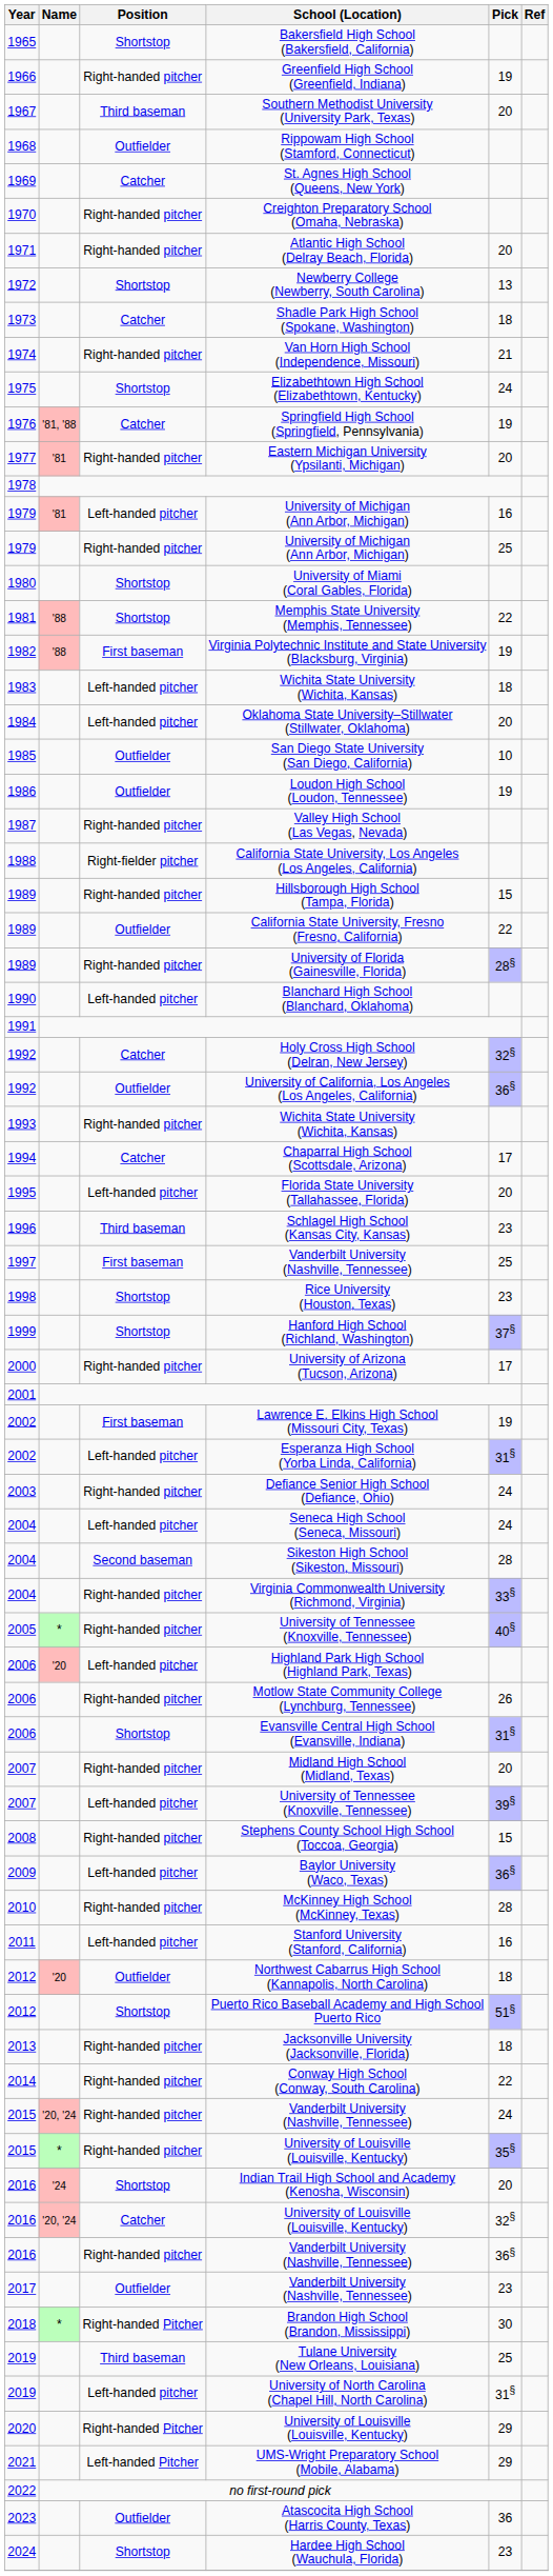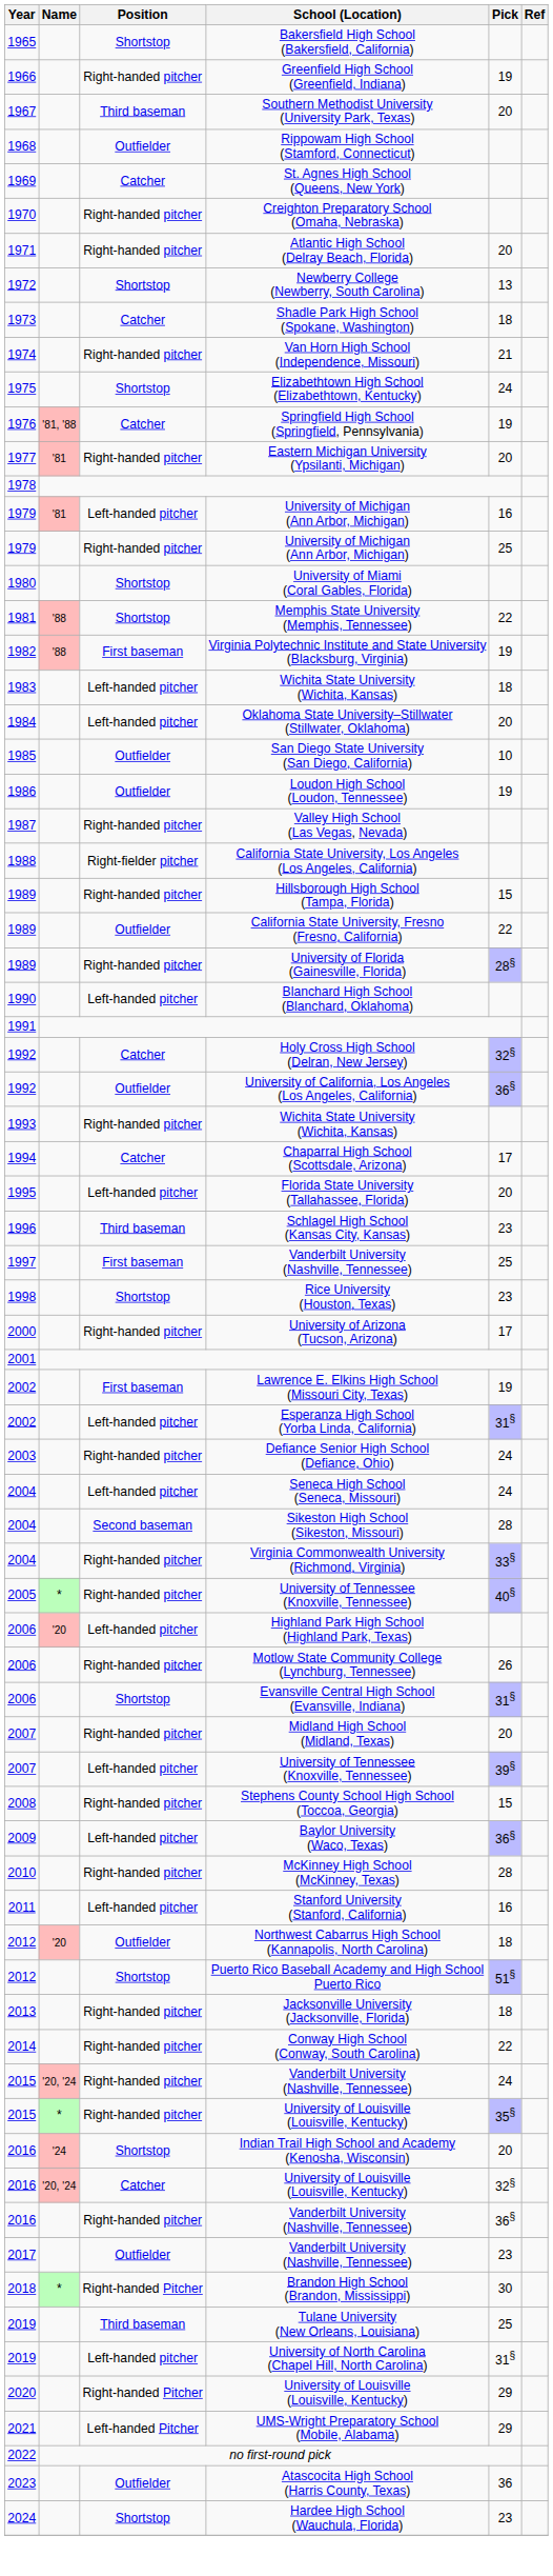 <table class="wikitable sortable" style="text-align:center;" border="1">
 <tr>
 <th>Year</th>
 <th>Name</th>
 <th>Position</th>
 <th class="unsortable">School (Location)</th>
 <th>Pick</th>
 <th class="unsortable">Ref</th>
 </tr>
 <tr>
 <td><a href='#'>1965</a></td>
 <td></td>
 <td><a href='#'>Shortstop</a></td>
 <td><a href='#'>Bakersfield High School</a><br>(<a href='#'>Bakersfield, California</a>)</td>
 <td></td>
 <td></td>
 </tr>
 <tr>
 <td><a href='#'>1966</a></td>
 <td></td>
 <td>Right-handed <a href='#'>pitcher</a></td>
 <td><a href='#'>Greenfield High School</a><br>(<a href='#'>Greenfield, Indiana</a>)</td>
 <td>19</td>
 <td></td>
 </tr>
 <tr>
 <td><a href='#'>1967</a></td>
 <td></td>
 <td><a href='#'>Third baseman</a></td>
 <td><a href='#'>Southern Methodist University</a><br>(<a href='#'>University Park, Texas</a>)</td>
 <td>20</td>
 <td></td>
 </tr>
 <tr>
 <td><a href='#'>1968</a></td>
 <td></td>
 <td><a href='#'>Outfielder</a></td>
 <td><a href='#'>Rippowam High School</a><br>(<a href='#'>Stamford, Connecticut</a>)</td>
 <td></td>
 <td></td>
 </tr>
 <tr>
 <td><a href='#'>1969</a></td>
 <td></td>
 <td><a href='#'>Catcher</a></td>
 <td><a href='#'>St. Agnes High School</a><br>(<a href='#'>Queens, New York</a>)</td>
 <td></td>
 <td></td>
 </tr>
 <tr>
 <td><a href='#'>1970</a></td>
 <td></td>
 <td>Right-handed <a href='#'>pitcher</a></td>
 <td><a href='#'>Creighton Preparatory School</a><br>(<a href='#'>Omaha, Nebraska</a>)</td>
 <td></td>
 <td></td>
 </tr>
 <tr>
 <td><a href='#'>1971</a></td>
 <td></td>
 <td>Right-handed <a href='#'>pitcher</a></td>
 <td><a href='#'>Atlantic High School</a> <br>(<a href='#'>Delray Beach, Florida</a>)</td>
 <td>20</td>
 <td></td>
 </tr>
 <tr>
 <td><a href='#'>1972</a></td>
 <td></td>
 <td><a href='#'>Shortstop</a></td>
 <td><a href='#'>Newberry College</a><br>(<a href='#'>Newberry, South Carolina</a>)</td>
 <td>13</td>
 <td></td>
 </tr>
 <tr>
 <td><a href='#'>1973</a></td>
 <td></td>
 <td><a href='#'>Catcher</a></td>
 <td><a href='#'>Shadle Park High School</a><br>(<a href='#'>Spokane, Washington</a>)</td>
 <td>18</td>
 <td></td>
 </tr>
 <tr>
 <td><a href='#'>1974</a></td>
 <td></td>
 <td>Right-handed <a href='#'>pitcher</a></td>
 <td><a href='#'>Van Horn High School</a><br>(<a href='#'>Independence, Missouri</a>)</td>
 <td>21</td>
 <td></td>
 </tr>
 <tr>
 <td><a href='#'>1975</a></td>
 <td></td>
 <td><a href='#'>Shortstop</a></td>
 <td><a href='#'>Elizabethtown High School</a><br>(<a href='#'>Elizabethtown, Kentucky</a>)</td>
 <td>24</td>
 <td></td>
 </tr>
 <tr>
 <td><a href='#'>1976</a></td>
 <td bgcolor="#ffbbbb"> <small>'81, '88</small></td>
 <td><a href='#'>Catcher</a></td>
 <td><a href='#'>Springfield High School</a><br>(<a href='#'>Springfield</a>, Pennsylvania)</td>
 <td>19</td>
 <td></td>
 </tr>
 <tr>
 <td><a href='#'>1977</a></td>
 <td bgcolor="#ffbbbb"> <small>'81</small></td>
 <td>Right-handed <a href='#'>pitcher</a></td>
 <td><a href='#'>Eastern Michigan University</a><br>(<a href='#'>Ypsilanti, Michigan</a>)</td>
 <td>20</td>
 <td></td>
 </tr>
 <tr>
 <td><a href='#'>1978</a></td>
 <td colspan="4"></td>
 <td></td>
 </tr>
 <tr>
 <td><a href='#'>1979</a></td>
 <td bgcolor="#ffbbbb"> <small>'81</small></td>
 <td>Left-handed <a href='#'>pitcher</a></td>
 <td><a href='#'>University of Michigan</a><br>(<a href='#'>Ann Arbor, Michigan</a>)</td>
 <td>16</td>
 <td></td>
 </tr>
 <tr>
 <td><a href='#'>1979</a></td>
 <td></td>
 <td>Right-handed <a href='#'>pitcher</a></td>
 <td><a href='#'>University of Michigan</a><br>(<a href='#'>Ann Arbor, Michigan</a>)</td>
 <td>25</td>
 <td></td>
 </tr>
 <tr>
 <td><a href='#'>1980</a></td>
 <td></td>
 <td><a href='#'>Shortstop</a></td>
 <td><a href='#'>University of Miami</a><br>(<a href='#'>Coral Gables, Florida</a>)</td>
 <td></td>
 <td></td>
 </tr>
 <tr>
 <td><a href='#'>1981</a></td>
 <td bgcolor="#ffbbbb"> <small>'88</small></td>
 <td><a href='#'>Shortstop</a></td>
 <td><a href='#'>Memphis State University</a><br>(<a href='#'>Memphis, Tennessee</a>)</td>
 <td>22</td>
 <td></td>
 </tr>
 <tr>
 <td><a href='#'>1982</a></td>
 <td bgcolor="#ffbbbb"> <small>'88</small></td>
 <td><a href='#'>First baseman</a></td>
 <td><a href='#'>Virginia Polytechnic Institute and State University</a><br>(<a href='#'>Blacksburg, Virginia</a>)</td>
 <td>19</td>
 <td></td>
 </tr>
 <tr>
 <td><a href='#'>1983</a></td>
 <td></td>
 <td>Left-handed <a href='#'>pitcher</a></td>
 <td><a href='#'>Wichita State University</a><br>(<a href='#'>Wichita, Kansas</a>)</td>
 <td>18</td>
 <td></td>
 </tr>
 <tr>
 <td><a href='#'>1984</a></td>
 <td></td>
 <td>Left-handed <a href='#'>pitcher</a></td>
 <td><a href='#'>Oklahoma State University–Stillwater</a><br>(<a href='#'>Stillwater, Oklahoma</a>)</td>
 <td>20</td>
 <td></td>
 </tr>
 <tr>
 <td><a href='#'>1985</a></td>
 <td></td>
 <td><a href='#'>Outfielder</a></td>
 <td><a href='#'>San Diego State University</a><br>(<a href='#'>San Diego, California</a>)</td>
 <td>10</td>
 <td></td>
 </tr>
 <tr>
 <td><a href='#'>1986</a></td>
 <td></td>
 <td><a href='#'>Outfielder</a></td>
 <td><a href='#'>Loudon High School</a><br>(<a href='#'>Loudon, Tennessee</a>)</td>
 <td>19</td>
 <td></td>
 </tr>
 <tr>
 <td><a href='#'>1987</a></td>
 <td></td>
 <td>Right-handed <a href='#'>pitcher</a></td>
 <td><a href='#'>Valley High School</a><br>(<a href='#'>Las Vegas</a>, <a href='#'>Nevada</a>)</td>
 <td></td>
 <td></td>
 </tr>
 <tr>
 <td><a href='#'>1988</a></td>
 <td></td>
 <td>Right-fielder <a href='#'>pitcher</a></td>
 <td><a href='#'>California State University, Los Angeles</a><br>(<a href='#'>Los Angeles, California</a>)</td>
 <td></td>
 <td></td>
 </tr>
 <tr>
 <td><a href='#'>1989</a></td>
 <td></td>
 <td>Right-handed <a href='#'>pitcher</a></td>
 <td><a href='#'>Hillsborough High School</a><br>(<a href='#'>Tampa, Florida</a>)</td>
 <td>15</td>
 <td></td>
 </tr>
 <tr>
 <td><a href='#'>1989</a></td>
 <td></td>
 <td><a href='#'>Outfielder</a></td>
 <td><a href='#'>California State University, Fresno</a><br>(<a href='#'>Fresno, California</a>)</td>
 <td>22</td>
 <td></td>
 </tr>
 <tr>
 <td><a href='#'>1989</a></td>
 <td></td>
 <td>Right-handed <a href='#'>pitcher</a></td>
 <td><a href='#'>University of Florida</a><br>(<a href='#'>Gainesville, Florida</a>)</td>
 <td bgcolor="#bbbbff">28<sup>§</sup></td>
 <td></td>
 </tr>
 <tr>
 <td><a href='#'>1990</a></td>
 <td></td>
 <td>Left-handed <a href='#'>pitcher</a></td>
 <td><a href='#'>Blanchard High School</a><br>(<a href='#'>Blanchard, Oklahoma</a>)</td>
 <td></td>
 <td></td>
 </tr>
 <tr>
 <td><a href='#'>1991</a></td>
 <td colspan="4"></td>
 <td></td>
 </tr>
 <tr>
 <td><a href='#'>1992</a></td>
 <td></td>
 <td><a href='#'>Catcher</a></td>
 <td><a href='#'>Holy Cross High School</a><br>(<a href='#'>Delran, New Jersey</a>)</td>
 <td bgcolor="#bbbbff">32<sup>§</sup></td>
 <td></td>
 </tr>
 <tr>
 <td><a href='#'>1992</a></td>
 <td></td>
 <td><a href='#'>Outfielder</a></td>
 <td><a href='#'>University of California, Los Angeles</a><br>(<a href='#'>Los Angeles, California</a>)</td>
 <td bgcolor="#bbbbff">36<sup>§</sup></td>
 <td></td>
 </tr>
 <tr>
 <td><a href='#'>1993</a></td>
 <td></td>
 <td>Right-handed <a href='#'>pitcher</a></td>
 <td><a href='#'>Wichita State University</a><br>(<a href='#'>Wichita, Kansas</a>)</td>
 <td></td>
 <td></td>
 </tr>
 <tr>
 <td><a href='#'>1994</a></td>
 <td></td>
 <td><a href='#'>Catcher</a></td>
 <td><a href='#'>Chaparral High School</a><br>(<a href='#'>Scottsdale, Arizona</a>)</td>
 <td>17</td>
 <td></td>
 </tr>
 <tr>
 <td><a href='#'>1995</a></td>
 <td></td>
 <td>Left-handed <a href='#'>pitcher</a></td>
 <td><a href='#'>Florida State University</a><br>(<a href='#'>Tallahassee, Florida</a>)</td>
 <td>20</td>
 <td></td>
 </tr>
 <tr>
 <td><a href='#'>1996</a></td>
 <td></td>
 <td><a href='#'>Third baseman</a></td>
 <td><a href='#'>Schlagel High School</a><br>(<a href='#'>Kansas City, Kansas</a>)</td>
 <td>23</td>
 <td></td>
 </tr>
 <tr>
 <td><a href='#'>1997</a></td>
 <td></td>
 <td><a href='#'>First baseman</a></td>
 <td><a href='#'>Vanderbilt University</a><br>(<a href='#'>Nashville, Tennessee</a>)</td>
 <td>25</td>
 <td></td>
 </tr>
 <tr>
 <td><a href='#'>1998</a></td>
 <td></td>
 <td><a href='#'>Shortstop</a></td>
 <td><a href='#'>Rice University</a><br>(<a href='#'>Houston, Texas</a>)</td>
 <td>23</td>
 <td></td>
 </tr>
 <tr>
-<td><a href='#'>1999</a></td>
-<td></td>
-<td><a href='#'>Shortstop</a></td>
-<td><a href='#'>Hanford High School</a><br>(<a href='#'>Richland, Washington</a>)</td>
-<td bgcolor="#bbbbff">37<sup>§</sup></td>
-<td></td>
-</tr>
-<tr>
 <td><a href='#'>2000</a></td>
 <td></td>
 <td>Right-handed <a href='#'>pitcher</a></td>
 <td><a href='#'>University of Arizona</a><br>(<a href='#'>Tucson, Arizona</a>)</td>
 <td>17</td>
 <td></td>
 </tr>
 <tr>
 <td><a href='#'>2001</a></td>
 <td colspan="4"></td>
 <td></td>
 </tr>
 <tr>
 <td><a href='#'>2002</a></td>
 <td></td>
 <td><a href='#'>First baseman</a></td>
 <td><a href='#'>Lawrence E. Elkins High School</a><br>(<a href='#'>Missouri City, Texas</a>)</td>
 <td>19</td>
 <td></td>
 </tr>
 <tr>
 <td><a href='#'>2002</a></td>
 <td></td>
 <td>Left-handed <a href='#'>pitcher</a></td>
 <td><a href='#'>Esperanza High School</a><br>(<a href='#'>Yorba Linda, California</a>)</td>
 <td bgcolor="#bbbbff">31<sup>§</sup></td>
 <td></td>
 </tr>
 <tr>
 <td><a href='#'>2003</a></td>
 <td></td>
 <td>Right-handed <a href='#'>pitcher</a></td>
 <td><a href='#'>Defiance Senior High School</a><br>(<a href='#'>Defiance, Ohio</a>)</td>
 <td>24</td>
 <td></td>
 </tr>
 <tr>
 <td><a href='#'>2004</a></td>
 <td></td>
 <td>Left-handed <a href='#'>pitcher</a></td>
 <td><a href='#'>Seneca High School</a><br>(<a href='#'>Seneca, Missouri</a>)</td>
 <td>24</td>
 <td></td>
 </tr>
 <tr>
 <td><a href='#'>2004</a></td>
 <td></td>
 <td><a href='#'>Second baseman</a></td>
 <td><a href='#'>Sikeston High School</a><br>(<a href='#'>Sikeston, Missouri</a>)</td>
 <td>28</td>
 <td></td>
 </tr>
 <tr>
 <td><a href='#'>2004</a></td>
 <td></td>
 <td>Right-handed <a href='#'>pitcher</a></td>
 <td><a href='#'>Virginia Commonwealth University</a><br>(<a href='#'>Richmond, Virginia</a>)</td>
 <td bgcolor="#bbbbff">33<sup>§</sup></td>
 <td></td>
 </tr>
 <tr>
 <td><a href='#'>2005</a></td>
 <td bgcolor="#bbffbb">*</td>
 <td>Right-handed <a href='#'>pitcher</a></td>
 <td><a href='#'>University of Tennessee</a><br>(<a href='#'>Knoxville, Tennessee</a>)</td>
 <td bgcolor="#bbbbff">40<sup>§</sup></td>
 <td></td>
 </tr>
 <tr>
 <td><a href='#'>2006</a></td>
 <td bgcolor="#ffbbbb"> <small>'20</small></td>
 <td>Left-handed <a href='#'>pitcher</a></td>
 <td><a href='#'>Highland Park High School</a><br>(<a href='#'>Highland Park, Texas</a>)</td>
 <td></td>
 <td></td>
 </tr>
 <tr>
 <td><a href='#'>2006</a></td>
 <td></td>
 <td>Right-handed <a href='#'>pitcher</a></td>
 <td><a href='#'>Motlow State Community College</a><br>(<a href='#'>Lynchburg, Tennessee</a>)</td>
 <td>26</td>
 <td></td>
 </tr>
 <tr>
 <td><a href='#'>2006</a></td>
 <td></td>
 <td><a href='#'>Shortstop</a></td>
 <td><a href='#'>Evansville Central High School</a><br>(<a href='#'>Evansville, Indiana</a>)</td>
 <td bgcolor="#bbbbff">31<sup>§</sup></td>
 <td></td>
 </tr>
 <tr>
 <td><a href='#'>2007</a></td>
 <td></td>
 <td>Right-handed <a href='#'>pitcher</a></td>
 <td><a href='#'>Midland High School</a><br>(<a href='#'>Midland, Texas</a>)</td>
 <td>20</td>
 <td></td>
 </tr>
 <tr>
 <td><a href='#'>2007</a></td>
 <td></td>
 <td>Left-handed <a href='#'>pitcher</a></td>
 <td><a href='#'>University of Tennessee</a><br>(<a href='#'>Knoxville, Tennessee</a>)</td>
 <td bgcolor="#bbbbff">39<sup>§</sup></td>
 <td></td>
 </tr>
 <tr>
 <td><a href='#'>2008</a></td>
 <td></td>
 <td>Right-handed <a href='#'>pitcher</a></td>
 <td><a href='#'>Stephens County School High School</a><br>(<a href='#'>Toccoa, Georgia</a>)</td>
 <td>15</td>
 <td></td>
 </tr>
 <tr>
 <td><a href='#'>2009</a></td>
 <td></td>
 <td>Left-handed <a href='#'>pitcher</a></td>
 <td><a href='#'>Baylor University</a><br>(<a href='#'>Waco, Texas</a>)</td>
 <td bgcolor="#bbbbff">36<sup>§</sup></td>
 <td></td>
 </tr>
 <tr>
 <td><a href='#'>2010</a></td>
 <td></td>
 <td>Right-handed <a href='#'>pitcher</a></td>
 <td><a href='#'>McKinney High School</a><br>(<a href='#'>McKinney, Texas</a>)</td>
 <td>28</td>
 <td></td>
 </tr>
 <tr>
 <td><a href='#'>2011</a></td>
 <td></td>
 <td>Left-handed <a href='#'>pitcher</a></td>
 <td><a href='#'>Stanford University</a><br>(<a href='#'>Stanford, California</a>)</td>
 <td>16</td>
 <td></td>
 </tr>
 <tr>
 <td><a href='#'>2012</a></td>
 <td bgcolor="#ffbbbb"> <small>'20</small></td>
 <td><a href='#'>Outfielder</a></td>
 <td><a href='#'>Northwest Cabarrus High School</a><br>(<a href='#'>Kannapolis, North Carolina</a>)</td>
 <td>18</td>
 <td></td>
 </tr>
 <tr>
 <td><a href='#'>2012</a></td>
 <td></td>
 <td><a href='#'>Shortstop</a></td>
 <td><a href='#'>Puerto Rico Baseball Academy and High School</a><br><a href='#'>Puerto Rico</a></td>
 <td bgcolor="#bbbbff">51<sup>§</sup></td>
 <td></td>
 </tr>
 <tr>
 <td><a href='#'>2013</a></td>
 <td></td>
 <td>Right-handed <a href='#'>pitcher</a></td>
 <td><a href='#'>Jacksonville University</a><br>(<a href='#'>Jacksonville, Florida</a>)</td>
 <td>18</td>
 <td></td>
 </tr>
 <tr>
 <td><a href='#'>2014</a></td>
 <td></td>
 <td>Right-handed <a href='#'>pitcher</a></td>
 <td><a href='#'>Conway High School</a><br>(<a href='#'>Conway, South Carolina</a>)</td>
 <td>22</td>
 <td></td>
 </tr>
 <tr>
 <td><a href='#'>2015</a></td>
 <td bgcolor="#ffbbbb"> <small>'20, '24</small></td>
 <td>Right-handed <a href='#'>pitcher</a></td>
 <td><a href='#'>Vanderbilt University</a><br>(<a href='#'>Nashville, Tennessee</a>)</td>
 <td>24</td>
 <td></td>
 </tr>
 <tr>
 <td><a href='#'>2015</a></td>
 <td bgcolor="#bbffbb"> *</td>
 <td>Right-handed <a href='#'>pitcher</a></td>
 <td><a href='#'>University of Louisville</a><br>(<a href='#'>Louisville, Kentucky</a>)</td>
 <td bgcolor="#bbbbff">35<sup>§</sup></td>
 <td></td>
 </tr>
 <tr>
 <td><a href='#'>2016</a></td>
 <td bgcolor="#ffbbbb"> <small>'24</small></td>
 <td><a href='#'>Shortstop</a></td>
 <td><a href='#'>Indian Trail High School and Academy</a><br>(<a href='#'>Kenosha, Wisconsin</a>)</td>
 <td>20</td>
 <td></td>
 </tr>
 <tr>
 <td><a href='#'>2016</a></td>
 <td bgcolor="#ffbbbb"> <small>'20, '24</small></td>
 <td><a href='#'>Catcher</a></td>
 <td><a href='#'>University of Louisville</a><br>(<a href='#'>Louisville, Kentucky</a>)</td>
 <td>32<sup>§</sup></td>
 <td></td>
 </tr>
 <tr>
 <td><a href='#'>2016</a></td>
 <td></td>
 <td>Right-handed <a href='#'>pitcher</a></td>
 <td><a href='#'>Vanderbilt University</a><br>(<a href='#'>Nashville, Tennessee</a>)</td>
 <td>36<sup>§</sup></td>
 <td></td>
 </tr>
 <tr>
 <td><a href='#'>2017</a></td>
 <td></td>
 <td><a href='#'>Outfielder</a></td>
 <td><a href='#'>Vanderbilt University</a><br>(<a href='#'>Nashville, Tennessee</a>)</td>
 <td>23</td>
 <td></td>
 </tr>
 <tr>
 <td><a href='#'>2018</a></td>
 <td bgcolor="#bbffbb"> *</td>
 <td>Right-handed <a href='#'>Pitcher</a></td>
 <td><a href='#'>Brandon High School</a><br>(<a href='#'>Brandon, Mississippi</a>)</td>
 <td>30</td>
 <td></td>
 </tr>
 <tr>
 <td><a href='#'>2019</a></td>
 <td></td>
 <td><a href='#'>Third baseman</a></td>
 <td><a href='#'>Tulane University</a><br>(<a href='#'>New Orleans, Louisiana</a>)</td>
 <td>25</td>
 <td></td>
 </tr>
 <tr>
 <td><a href='#'>2019</a></td>
 <td></td>
 <td>Left-handed <a href='#'>pitcher</a></td>
 <td><a href='#'>University of North Carolina</a><br>(<a href='#'>Chapel Hill, North Carolina</a>)</td>
 <td>31<sup>§</sup></td>
 <td></td>
 </tr>
 <tr>
 <td><a href='#'>2020</a></td>
 <td></td>
 <td>Right-handed <a href='#'>Pitcher</a></td>
 <td><a href='#'>University of Louisville</a><br>(<a href='#'>Louisville, Kentucky</a>)</td>
 <td>29</td>
 <td></td>
 </tr>
 <tr>
 <td><a href='#'>2021</a></td>
 <td></td>
 <td>Left-handed <a href='#'>Pitcher</a></td>
 <td><a href='#'>UMS-Wright Preparatory School</a><br> (<a href='#'>Mobile, Alabama</a>)</td>
 <td>29</td>
 <td></td>
 </tr>
 <tr>
 <td><a href='#'>2022</a></td>
 <td colspan="4"><em>no first-round pick</em></td>
 <td></td>
 </tr>
 <tr>
 <td><a href='#'>2023</a></td>
 <td></td>
 <td><a href='#'>Outfielder</a></td>
 <td><a href='#'>Atascocita High School</a><br> (<a href='#'>Harris County, Texas</a>)</td>
 <td>36 </td>
 <td></td>
 </tr>
 <tr>
 <td><a href='#'>2024</a></td>
 <td></td>
 <td><a href='#'>Shortstop</a></td>
 <td><a href='#'>Hardee High School</a><br>(<a href='#'>Wauchula, Florida</a>)</td>
 <td>23</td>
 <td></td>
 </tr>
 <tr>
 </tr>
 </table>
